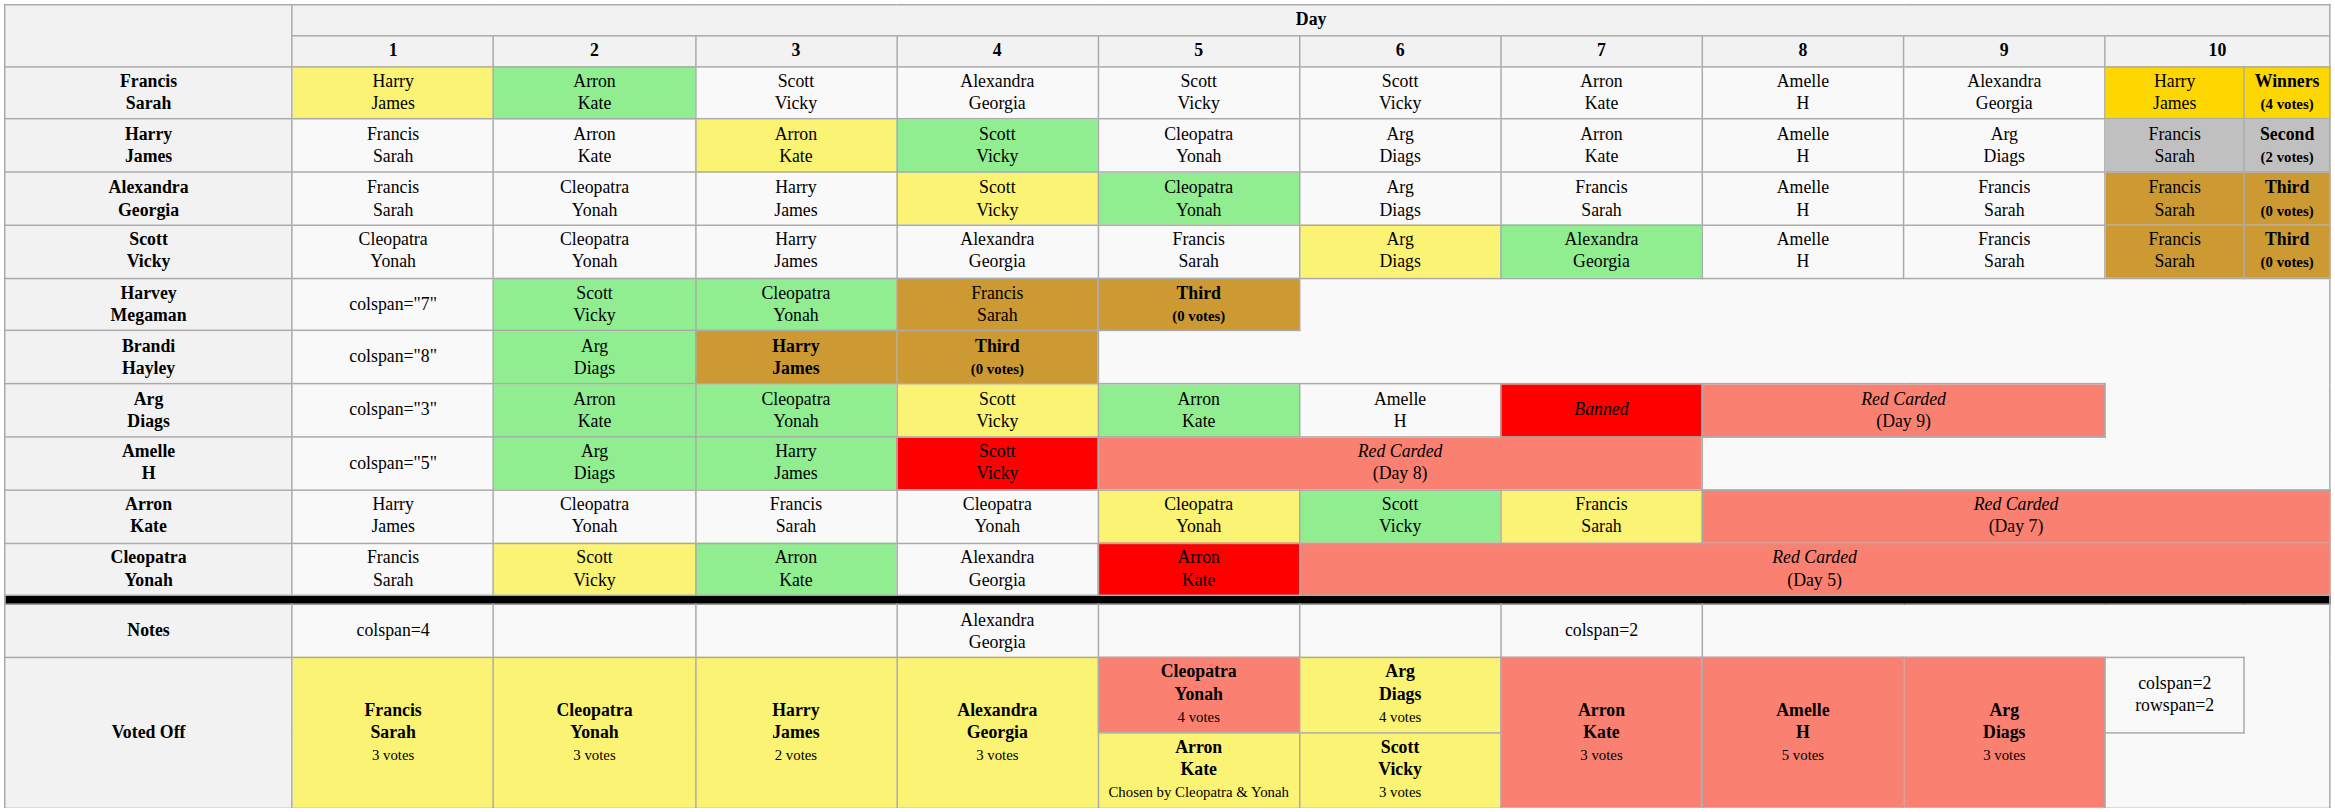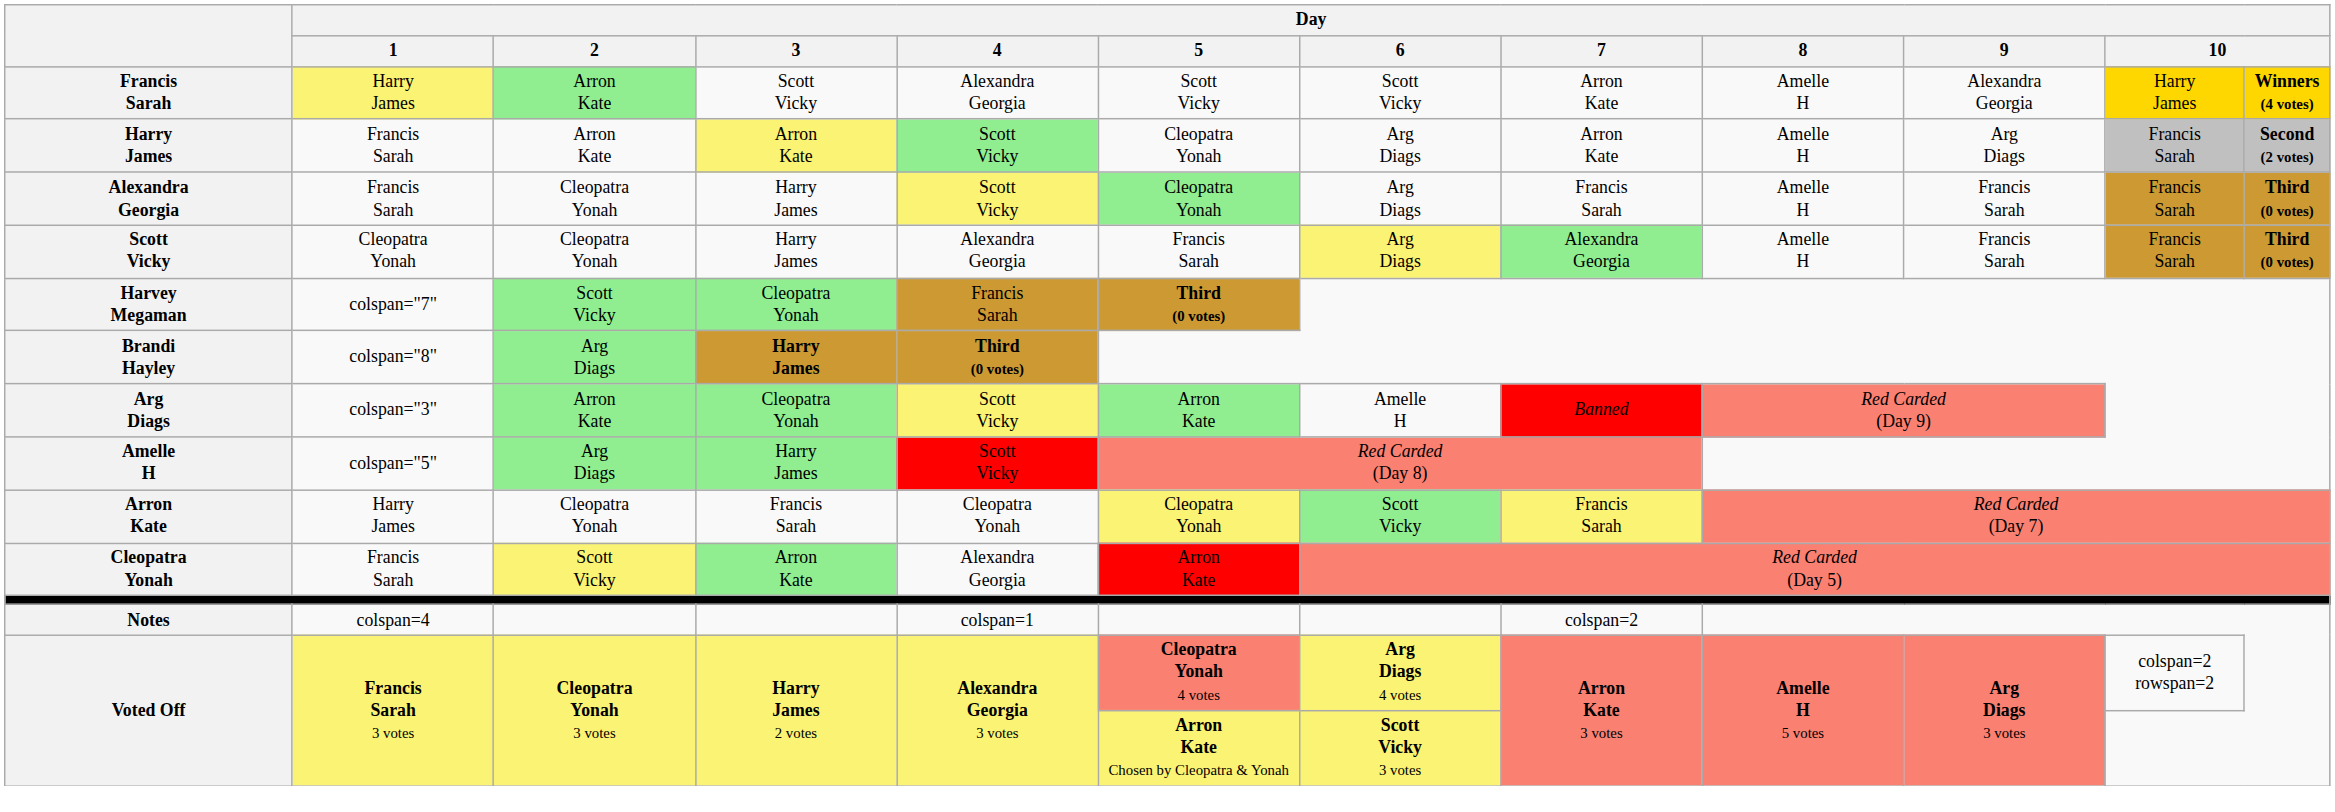 <table class="wikitable" style="text-align:center; font-size:75%; line-height:15px;">
 <tr>
 <th style="width: 10%;" rowspan="2"></th>
 <th colspan="41">Day</th>
 </tr>
 <tr>
 <th style="width: 7%;">1</th>
 <th style="width: 7%;">2</th>
 <th style="width: 7%;">3</th>
 <th style="width: 7%;">4</th>
 <th style="width: 7%;">5</th>
 <th style="width: 7%;">6</th>
 <th style="width: 7%;">7</th>
 <th style="width: 7%;">8</th>
 <th style="width: 7%;">9</th>
 <th colspan=2 style="width: 7%;">10</th>
 </tr>
 <tr>
 <th>Francis<br>Sarah</th>
 <td style="background:#fbf373;">Harry<br>James</td>
 <td style="background:lightgreen;">Arron<br>Kate</td>
 <td>Scott<br>Vicky</td>
 <td>Alexandra<br>Georgia</td>
 <td>Scott<br>Vicky</td>
 <td>Scott<br>Vicky</td>
 <td>Arron<br>Kate</td>
 <td>Amelle<br>H</td>
 <td>Alexandra<br>Georgia</td>
 <td style="background:gold;">Harry<br>James</td>
 <td style="background:gold;"><strong>Winners<br><small>(4 votes)</small></strong></td>
 </tr>
 <tr>
 <th>Harry<br>James</th>
 <td>Francis<br>Sarah</td>
 <td>Arron<br>Kate</td>
 <td style="background:#fbf373;">Arron<br>Kate</td>
 <td style="background:lightgreen;">Scott<br>Vicky</td>
 <td>Cleopatra<br>Yonah</td>
 <td>Arg<br>Diags</td>
 <td>Arron<br>Kate</td>
 <td>Amelle<br>H</td>
 <td>Arg<br>Diags</td>
 <td style="background:silver;">Francis<br>Sarah</td>
 <td style="background:silver;"><strong>Second<br><small>(2 votes)</small></strong></td>
 </tr>
 <tr>
 <th>Alexandra<br>Georgia</th>
 <td>Francis<br>Sarah</td>
 <td>Cleopatra<br>Yonah</td>
 <td>Harry<br>James</td>
 <td style="background:#fbf373;">Scott<br>Vicky</td>
 <td style="background:lightgreen;">Cleopatra<br>Yonah</td>
 <td>Arg<br>Diags</td>
 <td>Francis<br>Sarah</td>
 <td>Amelle<br>H</td>
 <td>Francis<br>Sarah</td>
 <td style="background:#cc9933;">Francis<br>Sarah</td>
 <td style="background:#cc9933;"><strong>Third<br><small>(0 votes)</small></strong></td>
 </tr>
 <tr>
 <th>Scott<br>Vicky</th>
 <td>Cleopatra<br>Yonah</td>
 <td>Cleopatra<br>Yonah</td>
 <td>Harry<br>James</td>
 <td>Alexandra<br>Georgia</td>
 <td>Francis<br>Sarah</td>
 <td style="background:#fbf373;">Arg<br>Diags</td>
 <td style="background:lightgreen;">Alexandra<br>Georgia</td>
 <td>Amelle<br>H</td>
 <td>Francis<br>Sarah</td>
 <td style="background:#cc9933;">Francis<br>Sarah</td>
 <td style="background:#cc9933;"><strong>Third<br><small>(0 votes)</small></strong></td>
 </tr>
 <tr>
 <th>Harvey<br>Megaman</th>
 <td>colspan="7" </td>
 <td style="background:lightgreen;">Scott<br>Vicky</td>
 <td style="background:lightgreen;">Cleopatra<br>Yonah</td>
 <td style="background:#cc9933;">Francis<br>Sarah</td>
 <td style="background:#cc9933;"><strong>Third<br><small>(0 votes)</small></strong></td>
 </tr>
 <tr>
 <th>Brandi<br>Hayley</th>
 <td>colspan="8" </td>
 <td style="background:lightgreen;">Arg<br>Diags</td>
 <td style="background:#cc9933;"><strong>Harry<br>James</strong></td>
 <td style="background:#cc9933;"><strong>Third<br><small>(0 votes)</small></strong></td>
 </tr>
 <tr>
 <th>Arg<br>Diags</th>
 <td>colspan="3" </td>
 <td style="background:lightgreen;">Arron<br>Kate</td>
 <td style="background:lightgreen;">Cleopatra<br>Yonah</td>
 <td style="background:#fbf373;">Scott<br>Vicky</td>
 <td style="background:lightgreen;">Arron<br>Kate</td>
 <td>Amelle<br>H</td>
 <td style="background:red;"><em>Banned</em></td>
 <td colspan="2" style="background:#fa8072;"><em>Red Carded</em><br>(Day 9)</td>
 </tr>
 <tr>
 <th>Amelle<br>H</th>
 <td>colspan="5" </td>
 <td style="background:lightgreen;">Arg<br>Diags</td>
 <td style="background:lightgreen;">Harry<br>James</td>
 <td style="background:red;">Scott<br>Vicky</td>
 <td colspan="3" style="background:#fa8072;"><em>Red Carded</em><br>(Day 8)</td>
 </tr>
 <tr>
 <th>Arron<br>Kate</th>
 <td>Harry<br>James</td>
 <td>Cleopatra<br>Yonah</td>
 <td>Francis<br>Sarah</td>
 <td>Cleopatra<br>Yonah</td>
 <td style="background:#fbf373;">Cleopatra<br>Yonah</td>
 <td style="background:lightgreen;">Scott<br>Vicky</td>
 <td style="background:#fbf373;">Francis<br>Sarah</td>
 <td colspan="4" style="background:#fa8072;"><em>Red Carded</em><br>(Day 7)</td>
 </tr>
 <tr>
 <th>Cleopatra<br>Yonah</th>
 <td>Francis<br>Sarah</td>
 <td style="background:#fbf373;">Scott<br>Vicky</td>
 <td style="background:lightgreen;">Arron<br>Kate</td>
 <td>Alexandra<br>Georgia</td>
 <td style="background:red;">Arron<br>Kate</td>
 <td colspan="6" style="background:#fa8072;"><em>Red Carded</em><br>(Day 5)</td>
 </tr>
 <tr>
 <th style="background:black;" colspan="42"></th>
 </tr>
 <tr>
 <th>Notes</th>
 <td>colspan=4 </td>
 <td></td>
 <td></td>
-<td>Alexandra<br>Georgia</td>
+<td>colspan=1 </td>
 <td></td>
 <td></td>
 <td>colspan=2 </td>
 </tr>
 <tr>
 <th rowspan=2>Voted Off</th>
 <td style="background:#fbf373;" rowspan="2"><strong>Francis<br>Sarah</strong><br><small>3 votes</small></td>
 <td style="background:#fbf373;" rowspan="2"><strong>Cleopatra<br>Yonah</strong><br><small>3 votes</small></td>
 <td style="background:#fbf373;" rowspan="2"><strong>Harry<br>James</strong><br><small>2 votes</small></td>
 <td style="background:#fbf373;" rowspan="2"><strong>Alexandra<br>Georgia</strong><br><small>3 votes</small></td>
 <td style="background:salmon;"><strong>Cleopatra<br>Yonah</strong><br><small>4 votes</small></td>
 <td style="background:#fbf373;"><strong>Arg<br>Diags</strong><br><small>4 votes</small></td>
 <td style="background:salmon;" rowspan="2"><strong>Arron<br>Kate</strong><br><small>3 votes</small></td>
 <td style="background:salmon;" rowspan="2"><strong>Amelle<br>H</strong><br><small>5 votes</small></td>
 <td style="background:salmon;" rowspan="2"><strong>Arg<br>Diags</strong><br><small>3 votes</small></td>
 <td>colspan=2 rowspan=2 </td>
 </tr>
 <tr>
 <td style="background:#fbf373;"><strong>Arron<br>Kate</strong><br><small>Chosen by Cleopatra & Yonah</small></td>
 <td style="background:#fbf373;"><strong>Scott<br>Vicky</strong><br><small>3 votes</small></td>
 </tr>
 </table>
